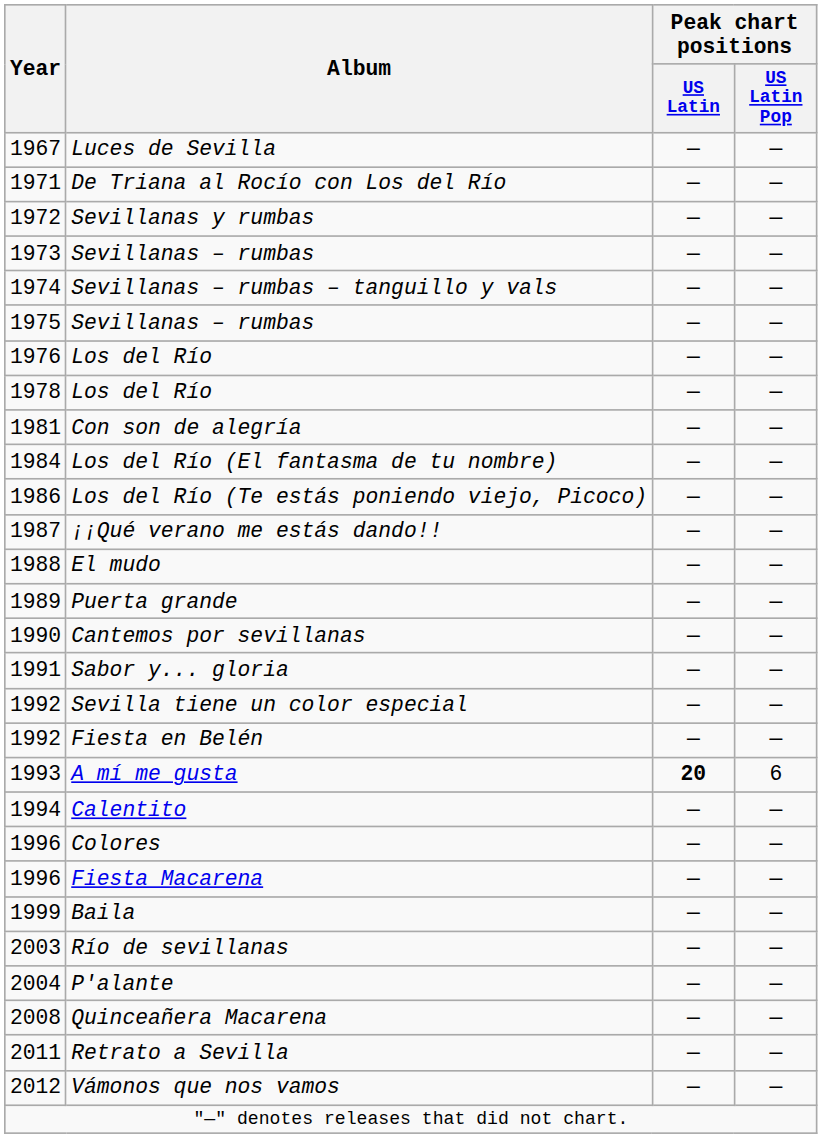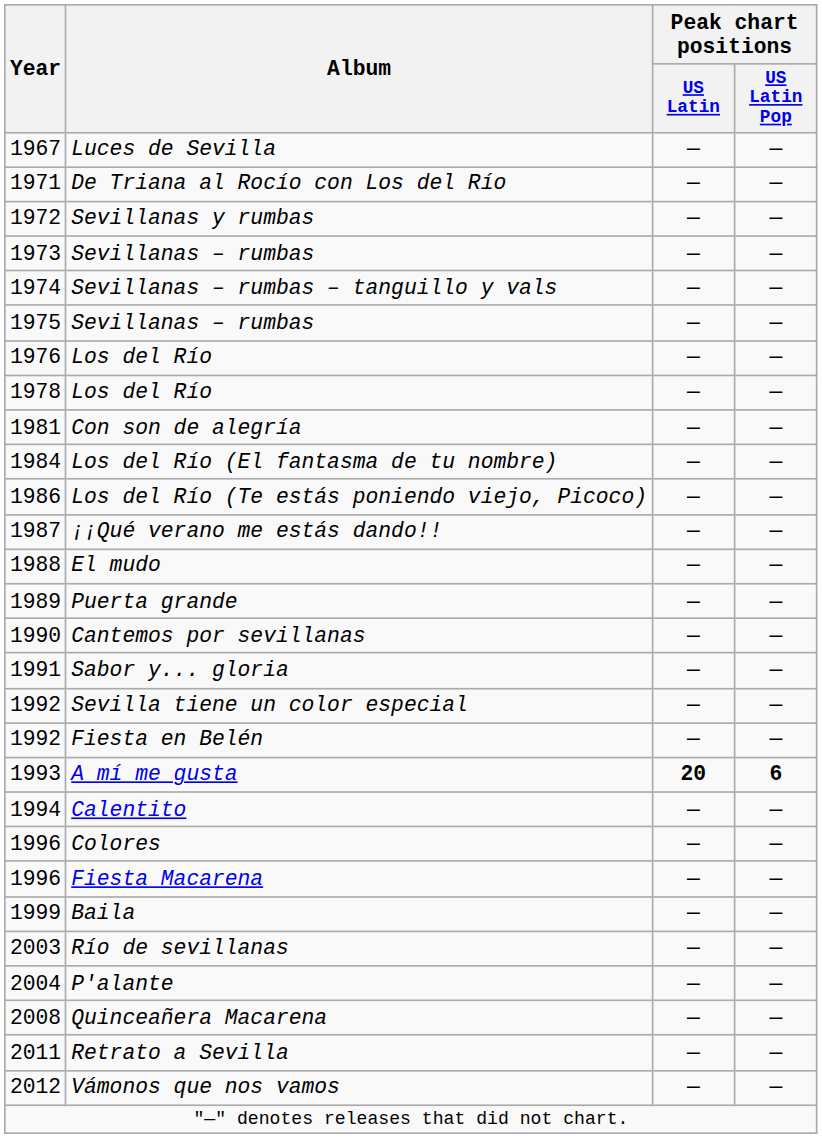 <table class="wikitable" style="text-align:center;">
 <tr>
 <th scope="col" rowspan="2">Year</th>
 <th scope="col" rowspan="2">Album</th>
 <th scope="col" colspan="2">Peak chart positions</th>
 </tr>
 <tr style="font-size:smaller;">
 <th scope="col" width="45"><a href='#'>US<br>Latin</a><br></th>
 <th scope="col" width="45"><a href='#'>US Latin Pop</a><br></th>
 </tr>
 <tr>
 <td>1967</td>
 <td align="left"><em>Luces de Sevilla</em></td>
 <td>—</td>
 <td>—</td>
 </tr>
 <tr>
 <td>1971</td>
 <td align="left"><em>De Triana al Rocío con Los del Río</em></td>
 <td>—</td>
 <td>—</td>
 </tr>
 <tr>
 <td>1972</td>
 <td align="left"><em>Sevillanas y rumbas</em></td>
 <td>—</td>
 <td>—</td>
 </tr>
 <tr>
 <td>1973</td>
 <td align="left"><em>Sevillanas – rumbas</em></td>
 <td>—</td>
 <td>—</td>
 </tr>
 <tr>
 <td>1974</td>
 <td align="left"><em>Sevillanas – rumbas – tanguillo y vals</em></td>
 <td>—</td>
 <td>—</td>
 </tr>
 <tr>
 <td>1975</td>
 <td align="left"><em>Sevillanas – rumbas</em></td>
 <td>—</td>
 <td>—</td>
 </tr>
 <tr>
 <td>1976</td>
 <td align="left"><em>Los del Río</em></td>
 <td>—</td>
 <td>—</td>
 </tr>
 <tr>
 <td>1978</td>
 <td align="left"><em>Los del Río</em></td>
 <td>—</td>
 <td>—</td>
 </tr>
 <tr>
 <td>1981</td>
 <td align="left"><em>Con son de alegría</em></td>
 <td>—</td>
 <td>—</td>
 </tr>
 <tr>
 <td>1984</td>
 <td align="left"><em>Los del Río (El fantasma de tu nombre)</em></td>
 <td>—</td>
 <td>—</td>
 </tr>
 <tr>
 <td>1986</td>
 <td align="left"><em>Los del Río (Te estás poniendo viejo, Picoco)</em></td>
 <td>—</td>
 <td>—</td>
 </tr>
 <tr>
 <td>1987</td>
 <td align="left"><em>¡¡Qué verano me estás dando!!</em></td>
 <td>—</td>
 <td>—</td>
 </tr>
 <tr>
 <td>1988</td>
 <td align="left"><em>El mudo</em></td>
 <td>—</td>
 <td>—</td>
 </tr>
 <tr>
 <td>1989</td>
 <td align="left"><em>Puerta grande</em></td>
 <td>—</td>
 <td>—</td>
 </tr>
 <tr>
 <td>1990</td>
 <td align="left"><em>Cantemos por sevillanas</em></td>
 <td>—</td>
 <td>—</td>
 </tr>
 <tr>
 <td>1991</td>
 <td align="left"><em>Sabor y... gloria</em></td>
 <td>—</td>
 <td>—</td>
 </tr>
 <tr>
 <td>1992</td>
 <td align="left"><em>Sevilla tiene un color especial</em></td>
 <td>—</td>
 <td>—</td>
 </tr>
 <tr>
 <td>1992</td>
 <td align="left"><em>Fiesta en Belén</em></td>
 <td>—</td>
 <td>—</td>
 </tr>
 <tr>
 <td>1993</td>
 <td align="left"><em><a href='#'>A mí me gusta</a></em></td>
 <td><strong>20</strong></td>
-<td>6</td>
+<td><strong>6</strong></td>
 </tr>
 <tr>
 <td>1994</td>
 <td align="left"><em><a href='#'>Calentito</a></em></td>
 <td>—</td>
 <td>—</td>
 </tr>
 <tr>
 <td>1996</td>
 <td align="left"><em>Colores</em></td>
 <td>—</td>
 <td>—</td>
 </tr>
 <tr>
 <td>1996</td>
 <td align="left"><em><a href='#'>Fiesta Macarena</a></em></td>
 <td>—</td>
 <td>—</td>
 </tr>
 <tr>
 <td>1999</td>
 <td align="left"><em>Baila</em></td>
 <td>—</td>
 <td>—</td>
 </tr>
 <tr>
 <td>2003</td>
 <td align="left"><em>Río de sevillanas</em></td>
 <td>—</td>
 <td>—</td>
 </tr>
 <tr>
 <td>2004</td>
 <td align="left"><em>P'alante</em></td>
 <td>—</td>
 <td>—</td>
 </tr>
 <tr>
 <td>2008</td>
 <td align="left"><em>Quinceañera Macarena</em></td>
 <td>—</td>
 <td>—</td>
 </tr>
 <tr>
 <td>2011</td>
 <td align="left"><em>Retrato a Sevilla</em></td>
 <td>—</td>
 <td>—</td>
 </tr>
 <tr>
 <td>2012</td>
 <td align="left"><em>Vámonos que nos vamos</em></td>
 <td>—</td>
 <td>—</td>
 </tr>
 <tr>
 <td colspan="10" style="font-size:85%">"—" denotes releases that did not chart.</td>
 </tr>
 </table>
